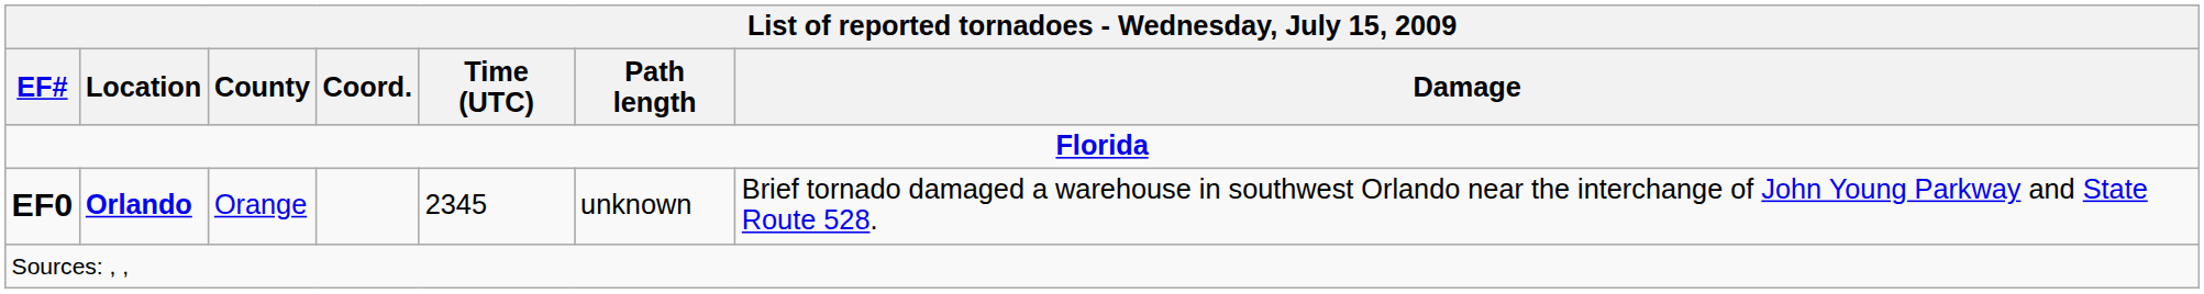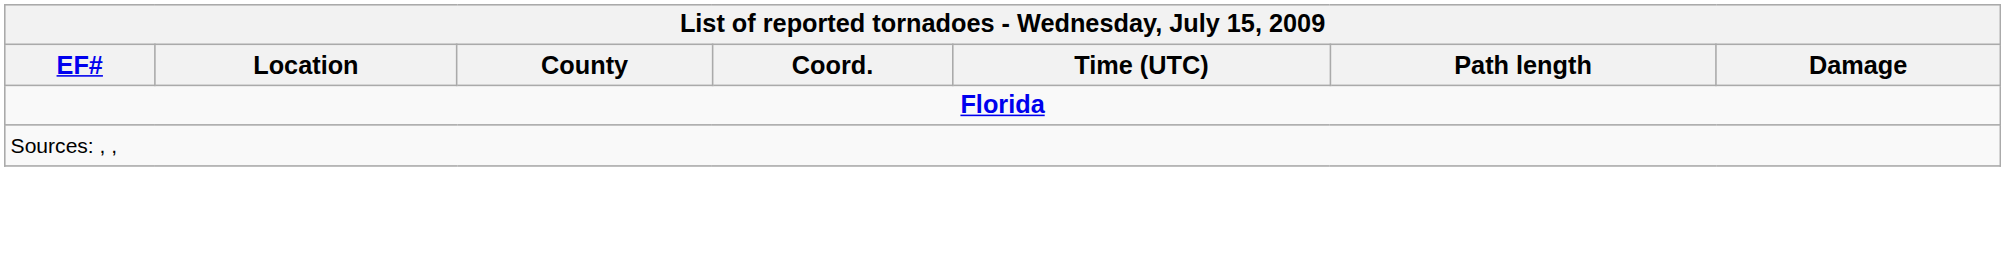 <table class="wikitable collapsible" style="width:100%;">
 <tr>
 <th colspan="7">List of reported tornadoes - Wednesday, July 15, 2009</th>
 </tr>
 <tr>
 <th><a href='#'>EF#</a></th>
 <th>Location</th>
 <th>County</th>
 <th>Coord.</th>
 <th>Time (UTC)</th>
 <th>Path length</th>
 <th>Damage</th>
 </tr>
 <tr>
 <td colspan="7" style="text-align:center;"><strong><a href='#'>Florida</a></strong></td>
 </tr>
 <tr>
-<td><big><strong>EF0</strong></big></td>
-<td><strong><a href='#'>Orlando</a></strong></td>
-<td><a href='#'>Orange</a></td>
-<td></td>
-<td>2345</td>
-<td>unknown</td>
-<td>Brief tornado damaged a warehouse in southwest Orlando near the interchange of <a href='#'>John Young Parkway</a> and <a href='#'>State Route 528</a>.</td>
-</tr>
-<tr>
 <td colspan="7"><small>Sources: , , </small></td>
 </tr>
 </table>
